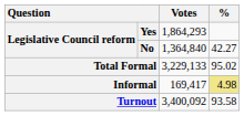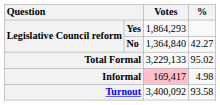 <table class="wikitable" align="center">
 <tr ---->
 <th colspan="2" style="text-align:left">Question</th>
 <th>Votes</th>
 <th>%</th>
 </tr>
 <tr align="right">
 <th rowspan="2" style="text-align:left">Legislative Council reform</th>
 <th style="text-align:left">Yes</th>
 <td>1,864,293</td>
 <td></td>
 </tr>
 <tr align="right">
 <th style="text-align:left">No</th>
 <td>1,364,840</td>
 <td>42.27</td>
 </tr>
 <tr align="right">
 <th colspan="2" style="text-align:right">Total Formal</th>
 <td>3,229,133</td>
 <td>95.02</td>
 </tr>
 <tr align="right">
 <th colspan="2" style="text-align:right">Informal</th>
-<td>169,417</td>
-<td style="background: khaki;">4.98</td>
+<td style="background: pink;">169,417</td>
+<td>4.98</td>
 </tr>
 <tr align="right">
 <th colspan="2" style="text-align:right"><a href='#'>Turnout</a></th>
 <td>3,400,092</td>
 <td>93.58</td>
 </tr>
 </table>
